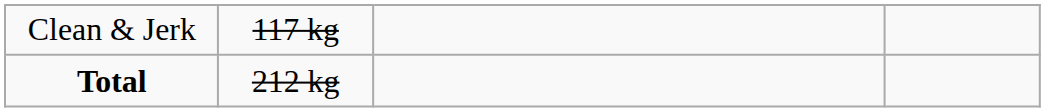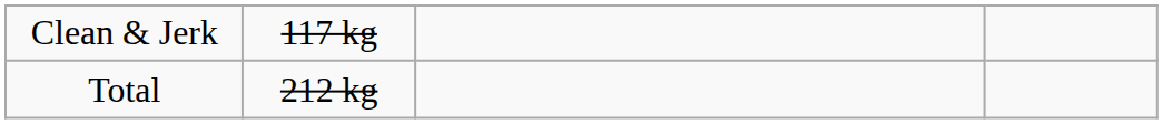 <table class = "wikitable" style="text-align:center;">
 <tr>
 <td width=100>Clean & Jerk</td>
 <td width=70><s>117 kg</s></td>
 <td width=250 align=left><s></s></td>
 <td width=70><s></s></td>
 </tr>
 <tr>
-<td><strong>Total</strong></td>
+<td>Total</td>
 <td><s>212 kg</s></td>
 <td align=left><s></s></td>
 <td><s></s></td>
 </tr>
 </table>
